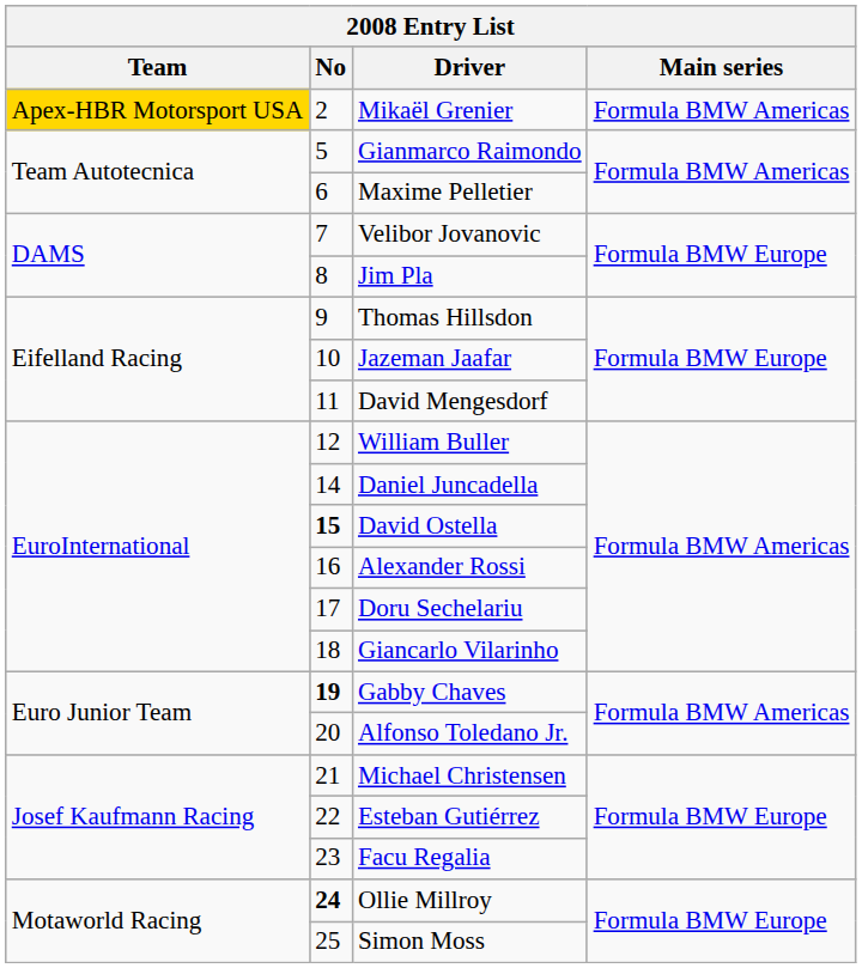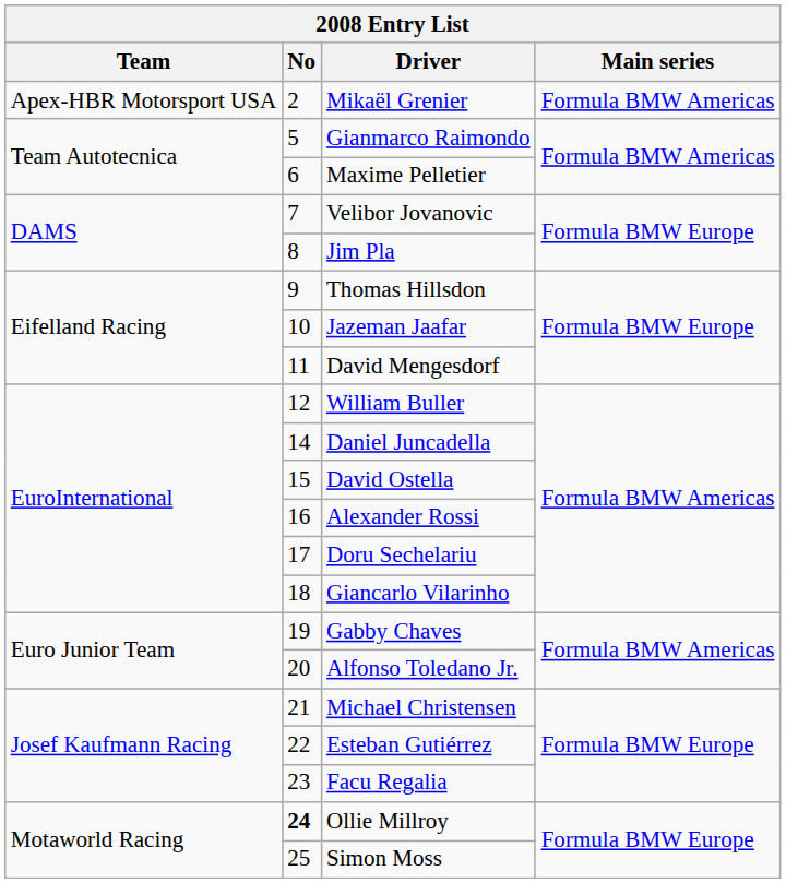 <table class="wikitable" style="font-size: 85%">
 <tr>
 <th colspan=4>2008 Entry List</th>
 </tr>
 <tr>
 <th>Team</th>
 <th>No</th>
 <th>Driver</th>
 <th>Main series</th>
 </tr>
 <tr>
-<td style="background: gold;"> Apex-HBR Motorsport USA</td>
+<td> Apex-HBR Motorsport USA</td>
 <td>2</td>
 <td> <a href='#'>Mikaël Grenier</a></td>
 <td><a href='#'>Formula BMW Americas</a></td>
 </tr>
 <tr>
 <td rowspan=2> Team Autotecnica</td>
 <td>5</td>
 <td> <a href='#'>Gianmarco Raimondo</a></td>
 <td rowspan=2><a href='#'>Formula BMW Americas</a></td>
 </tr>
 <tr>
 <td>6</td>
 <td> Maxime Pelletier</td>
 </tr>
 <tr>
 <td rowspan=2> <a href='#'>DAMS</a></td>
 <td>7</td>
 <td> Velibor Jovanovic</td>
 <td rowspan=2><a href='#'>Formula BMW Europe</a></td>
 </tr>
 <tr>
 <td>8</td>
 <td> <a href='#'>Jim Pla</a></td>
 </tr>
 <tr>
 <td rowspan=3> Eifelland Racing</td>
 <td>9</td>
 <td> Thomas Hillsdon</td>
 <td rowspan=3><a href='#'>Formula BMW Europe</a></td>
 </tr>
 <tr>
 <td>10</td>
 <td> <a href='#'>Jazeman Jaafar</a></td>
 </tr>
 <tr>
 <td>11</td>
 <td> David Mengesdorf</td>
 </tr>
 <tr>
 <td rowspan=6> <a href='#'>EuroInternational</a></td>
 <td>12</td>
 <td> <a href='#'>William Buller</a></td>
 <td rowspan=6><a href='#'>Formula BMW Americas</a></td>
 </tr>
 <tr>
 <td>14</td>
 <td> <a href='#'>Daniel Juncadella</a></td>
 </tr>
 <tr>
-<td><strong>15</strong></td>
+<td>15</td>
 <td> <a href='#'>David Ostella</a></td>
 </tr>
 <tr>
 <td>16</td>
 <td> <a href='#'>Alexander Rossi</a></td>
 </tr>
 <tr>
 <td>17</td>
 <td> <a href='#'>Doru Sechelariu</a></td>
 </tr>
 <tr>
 <td>18</td>
 <td> <a href='#'>Giancarlo Vilarinho</a></td>
 </tr>
 <tr>
 <td rowspan=2> Euro Junior Team</td>
-<td><strong>19</strong></td>
+<td>19</td>
 <td> <a href='#'>Gabby Chaves</a></td>
 <td rowspan=2><a href='#'>Formula BMW Americas</a></td>
 </tr>
 <tr>
 <td>20</td>
 <td> <a href='#'>Alfonso Toledano Jr.</a></td>
 </tr>
 <tr>
 <td rowspan=3> <a href='#'>Josef Kaufmann Racing</a></td>
 <td>21</td>
 <td> <a href='#'>Michael Christensen</a></td>
 <td rowspan=3><a href='#'>Formula BMW Europe</a></td>
 </tr>
 <tr>
 <td>22</td>
 <td> <a href='#'>Esteban Gutiérrez</a></td>
 </tr>
 <tr>
 <td>23</td>
 <td> <a href='#'>Facu Regalia</a></td>
 </tr>
 <tr>
 <td rowspan=2> Motaworld Racing</td>
 <td><strong>24</strong></td>
 <td> Ollie Millroy</td>
 <td rowspan=2><a href='#'>Formula BMW Europe</a></td>
 </tr>
 <tr>
 <td>25</td>
 <td> Simon Moss</td>
 </tr>
 </table>
